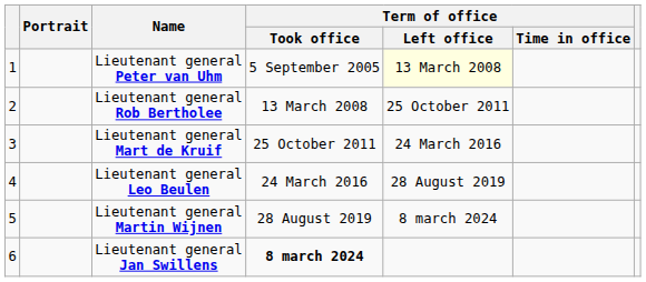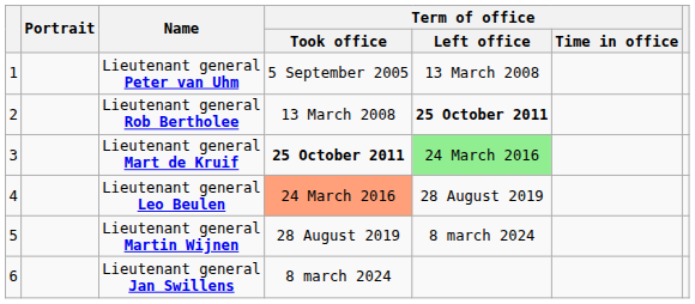 <table class="wikitable" style="text-align:center">
 <tr>
 <th rowspan=2></th>
 <th rowspan=2>Portrait</th>
 <th rowspan=2>Name<br></th>
 <th colspan=3>Term of office</th>
 <th rowspan=2></th>
 </tr>
 <tr>
 <th>Took office</th>
 <th>Left office</th>
 <th>Time in office</th>
 </tr>
 <tr>
 <td>1</td>
 <td></td>
 <td>Lieutenant general<br><strong><a href='#'>Peter van Uhm</a></strong><br></td>
 <td>5 September 2005</td>
-<td style="background: lightyellow;">13 March 2008</td>
+<td>13 March 2008</td>
 <td></td>
 <td></td>
 </tr>
 <tr>
 <td>2</td>
 <td></td>
 <td>Lieutenant general<br><strong><a href='#'>Rob Bertholee</a></strong><br></td>
 <td>13 March 2008</td>
-<td>25 October 2011</td>
+<td><strong>25 October 2011</strong></td>
 <td></td>
 <td></td>
 </tr>
 <tr>
 <td>3</td>
 <td></td>
 <td>Lieutenant general<br><strong><a href='#'>Mart de Kruif</a></strong><br></td>
-<td>25 October 2011</td>
-<td>24 March 2016</td>
+<td><strong>25 October 2011</strong></td>
+<td style="background: lightgreen;">24 March 2016</td>
 <td></td>
 <td></td>
 </tr>
 <tr>
 <td>4</td>
 <td></td>
 <td>Lieutenant general<br><strong><a href='#'>Leo Beulen</a></strong><br></td>
-<td>24 March 2016</td>
+<td style="background: lightsalmon;">24 March 2016</td>
 <td>28 August 2019</td>
 <td></td>
 <td></td>
 </tr>
 <tr>
 <td>5</td>
 <td></td>
 <td>Lieutenant general<br><strong><a href='#'>Martin Wijnen</a></strong><br></td>
 <td>28 August 2019</td>
 <td>8 march 2024</td>
 <td></td>
 </tr>
 <tr>
 <td>6</td>
 <td></td>
 <td>Lieutenant general<br><strong><a href='#'>Jan Swillens</a></strong><br></td>
-<td><strong>8 march 2024</strong></td>
+<td>8 march 2024</td>
 <td></td>
 <td></td>
 <td></td>
 </tr>
 </table>
